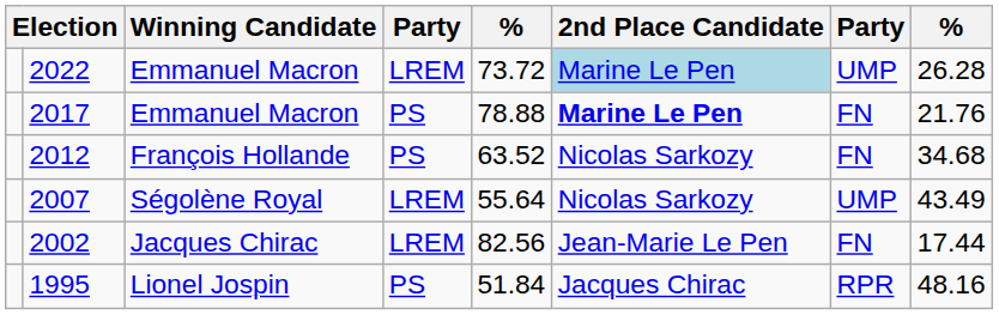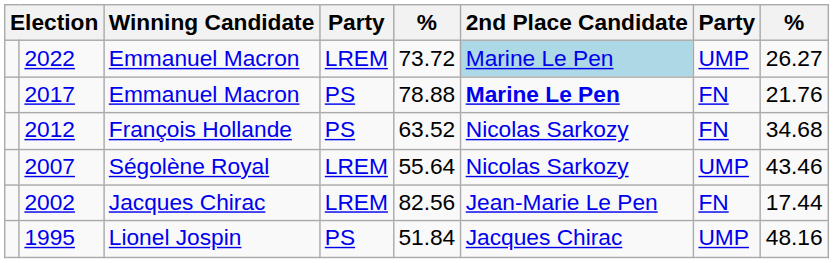 <table class="wikitable">
 <tr>
 <th colspan="2">Election</th>
 <th>Winning Candidate</th>
 <th>Party</th>
 <th>%</th>
 <th>2nd Place Candidate</th>
 <th>Party</th>
 <th>%</th>
 </tr>
 <tr>
 <td style="background-color: "></td>
 <td><a href='#'>2022</a></td>
 <td><a href='#'>Emmanuel Macron</a></td>
 <td><a href='#'>LREM</a></td>
 <td>73.72</td>
 <td style="background: lightblue;"><a href='#'>Marine Le Pen</a></td>
 <td><a href='#'>UMP</a></td>
-<td>26.28</td>
+<td>26.27</td>
 </tr>
 <tr>
 <td style="background-color: "></td>
 <td><a href='#'>2017</a></td>
 <td><a href='#'>Emmanuel Macron</a></td>
 <td><a href='#'>PS</a></td>
 <td>78.88</td>
 <td><strong><a href='#'>Marine Le Pen</a></strong></td>
 <td><a href='#'>FN</a></td>
 <td>21.76</td>
 </tr>
 <tr>
 <td style="background-color: "></td>
 <td><a href='#'>2012</a></td>
 <td><a href='#'>François Hollande</a></td>
 <td><a href='#'>PS</a></td>
 <td>63.52</td>
 <td><a href='#'>Nicolas Sarkozy</a></td>
 <td><a href='#'>FN</a></td>
 <td>34.68</td>
 </tr>
 <tr>
 <td style="background-color: "></td>
 <td><a href='#'>2007</a></td>
 <td><a href='#'>Ségolène Royal</a></td>
 <td><a href='#'>LREM</a></td>
 <td>55.64</td>
 <td><a href='#'>Nicolas Sarkozy</a></td>
 <td><a href='#'>UMP</a></td>
-<td>43.49</td>
+<td>43.46</td>
 </tr>
 <tr>
 <td style="background-color: "></td>
 <td><a href='#'>2002</a></td>
 <td><a href='#'>Jacques Chirac</a></td>
 <td><a href='#'>LREM</a></td>
 <td>82.56</td>
 <td><a href='#'>Jean-Marie Le Pen</a></td>
 <td><a href='#'>FN</a></td>
 <td>17.44</td>
 </tr>
 <tr>
 <td style="background-color: "></td>
 <td><a href='#'>1995</a></td>
 <td><a href='#'>Lionel Jospin</a></td>
 <td><a href='#'>PS</a></td>
 <td>51.84</td>
 <td><a href='#'>Jacques Chirac</a></td>
-<td><a href='#'>RPR</a></td>
+<td><a href='#'>UMP</a></td>
 <td>48.16</td>
 </tr>
 </table>
